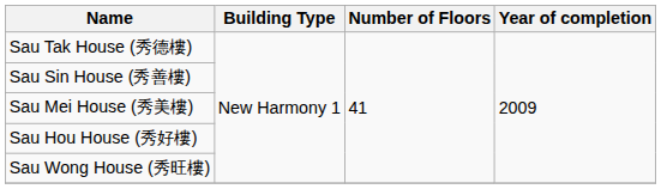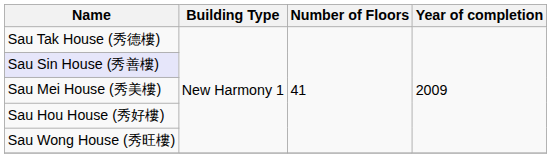 <table class="wikitable">
 <tr>
 <th>Name</th>
 <th>Building Type</th>
 <th>Number of Floors</th>
 <th>Year of completion</th>
 </tr>
 <tr>
 <td>Sau Tak House (秀德樓)</td>
 <td rowspan="5">New Harmony 1</td>
 <td rowspan="5">41</td>
 <td rowspan="5">2009</td>
 </tr>
 <tr>
-<td>Sau Sin House (秀善樓)</td>
+<td style="background: lavender;">Sau Sin House (秀善樓)</td>
 </tr>
 <tr>
 <td>Sau Mei House (秀美樓)</td>
 </tr>
 <tr>
 <td>Sau Hou House (秀好樓)</td>
 </tr>
 <tr>
 <td>Sau Wong House (秀旺樓)</td>
 </tr>
 <tr>
 </tr>
 </table>
